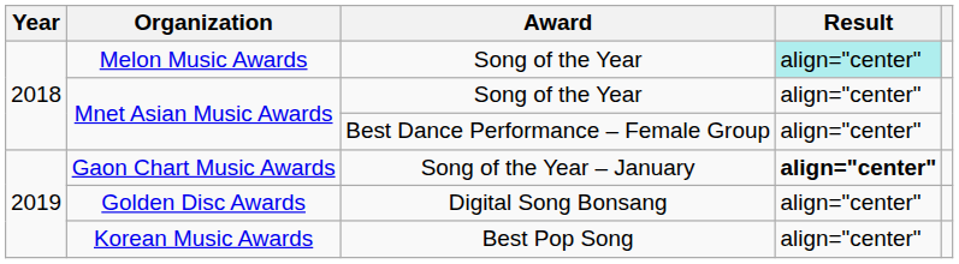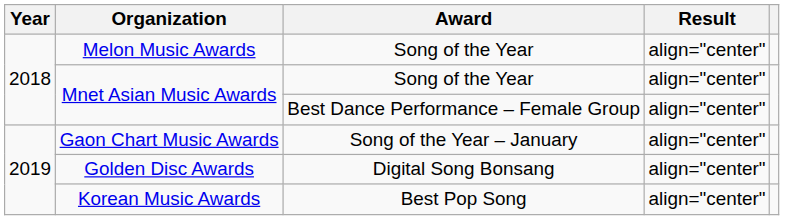 <table class="wikitable sortable plainrowheaders">
 <tr>
 <th scope="col">Year</th>
 <th scope="col">Organization</th>
 <th scope="col">Award</th>
 <th scope="col">Result</th>
 <th class="unsortable"></th>
 </tr>
 <tr>
 <td align="center" rowspan="3">2018</td>
 <td align="center"><a href='#'>Melon Music Awards</a></td>
 <td align="center">Song of the Year</td>
-<td style="background: paleturquoise;">align="center" </td>
+<td>align="center" </td>
 <td align="center"></td>
 </tr>
 <tr>
 <td align="center" rowspan="2"><a href='#'>Mnet Asian Music Awards</a></td>
 <td align="center">Song of the Year</td>
 <td>align="center" </td>
 <td align="center" rowspan="2"></td>
 </tr>
 <tr>
 <td align="center">Best Dance Performance – Female Group</td>
 <td>align="center" </td>
 </tr>
 <tr>
 <td align="center" rowspan="3">2019</td>
 <td align="center"><a href='#'>Gaon Chart Music Awards</a></td>
 <td align="center">Song of the Year – January</td>
-<td><strong>align="center" </strong></td>
+<td>align="center" </td>
 <td align="center"></td>
 </tr>
 <tr>
 <td align="center"><a href='#'>Golden Disc Awards</a></td>
 <td align="center">Digital Song Bonsang</td>
 <td>align="center" </td>
 <td align="center"></td>
 </tr>
 <tr>
 <td align="center"><a href='#'>Korean Music Awards</a></td>
 <td align="center">Best Pop Song</td>
 <td>align="center" </td>
 <td align="center"></td>
 </tr>
 </table>
